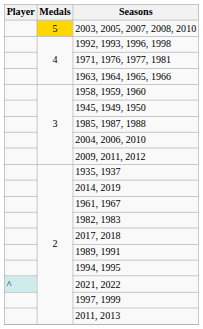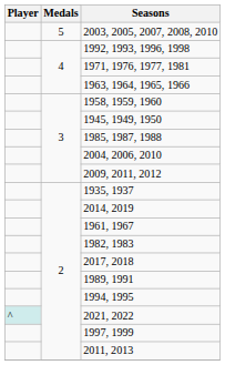 <table class="wikitable sortable">
 <tr>
 <th>Player</th>
 <th>Medals</th>
 <th class="unsortable">Seasons</th>
 </tr>
 <tr>
 <td></td>
-<td style="background: gold; text-align:center;">5</td>
+<td style="text-align:center;">5</td>
 <td>2003, 2005, 2007, 2008, 2010</td>
 </tr>
 <tr>
 <td></td>
 <td rowspan="3" style="text-align:center;">4</td>
 <td>1992, 1993, 1996, 1998</td>
 </tr>
 <tr>
 <td></td>
 <td>1971, 1976, 1977, 1981</td>
 </tr>
 <tr>
 <td></td>
 <td>1963, 1964, 1965, 1966</td>
 </tr>
 <tr>
 <td></td>
 <td rowspan="5" style="text-align:center;">3</td>
 <td>1958, 1959, 1960</td>
 </tr>
 <tr>
 <td></td>
 <td>1945, 1949, 1950</td>
 </tr>
 <tr>
 <td></td>
 <td>1985, 1987, 1988</td>
 </tr>
 <tr>
 <td></td>
 <td>2004, 2006, 2010</td>
 </tr>
 <tr>
 <td></td>
 <td>2009, 2011, 2012</td>
 </tr>
 <tr>
 <td></td>
 <td rowspan="10" style="text-align:center;">2</td>
 <td>1935, 1937</td>
 </tr>
 <tr>
 <td></td>
 <td>2014, 2019</td>
 </tr>
 <tr>
 <td></td>
 <td>1961, 1967</td>
 </tr>
 <tr>
 <td></td>
 <td>1982, 1983</td>
 </tr>
 <tr>
 <td></td>
 <td>2017, 2018</td>
 </tr>
 <tr>
 <td></td>
 <td>1989, 1991</td>
 </tr>
 <tr>
 <td></td>
 <td>1994, 1995</td>
 </tr>
 <tr>
 <td style="text-align:left; background:#cfecec;">^</td>
 <td>2021, 2022</td>
 </tr>
 <tr>
 <td></td>
 <td>1997, 1999</td>
 </tr>
 <tr>
 <td></td>
 <td>2011, 2013</td>
 </tr>
 <tr>
 </tr>
 </table>
